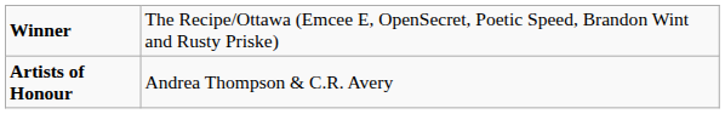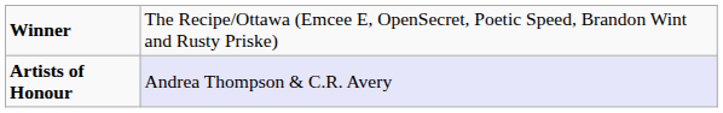 <table class="wikitable">
 <tr>
 <td><strong>Winner</strong></td>
 <td>The Recipe/Ottawa (Emcee E, OpenSecret, Poetic Speed, Brandon Wint and Rusty Priske)</td>
 </tr>
 <tr>
 <td><strong>Artists of Honour</strong></td>
-<td>Andrea Thompson & C.R. Avery</td>
+<td style="background: lavender;">Andrea Thompson & C.R. Avery</td>
 </tr>
 </table>
